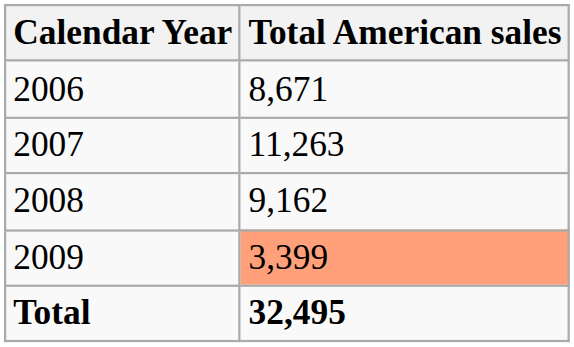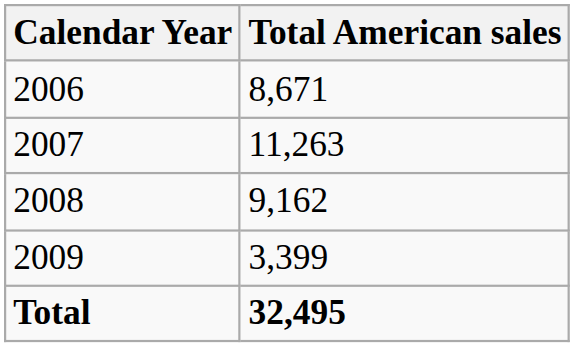 <table class="wikitable">
 <tr>
 <th>Calendar Year</th>
 <th>Total American sales</th>
 </tr>
 <tr>
 <td>2006</td>
 <td>8,671</td>
 </tr>
 <tr>
 <td>2007</td>
 <td>11,263</td>
 </tr>
 <tr>
 <td>2008</td>
 <td>9,162</td>
 </tr>
 <tr>
 <td>2009</td>
-<td style="background: lightsalmon;">3,399</td>
+<td>3,399</td>
 </tr>
 <tr>
 <td><strong> Total</strong></td>
 <td><strong>32,495</strong></td>
 </tr>
 </table>
